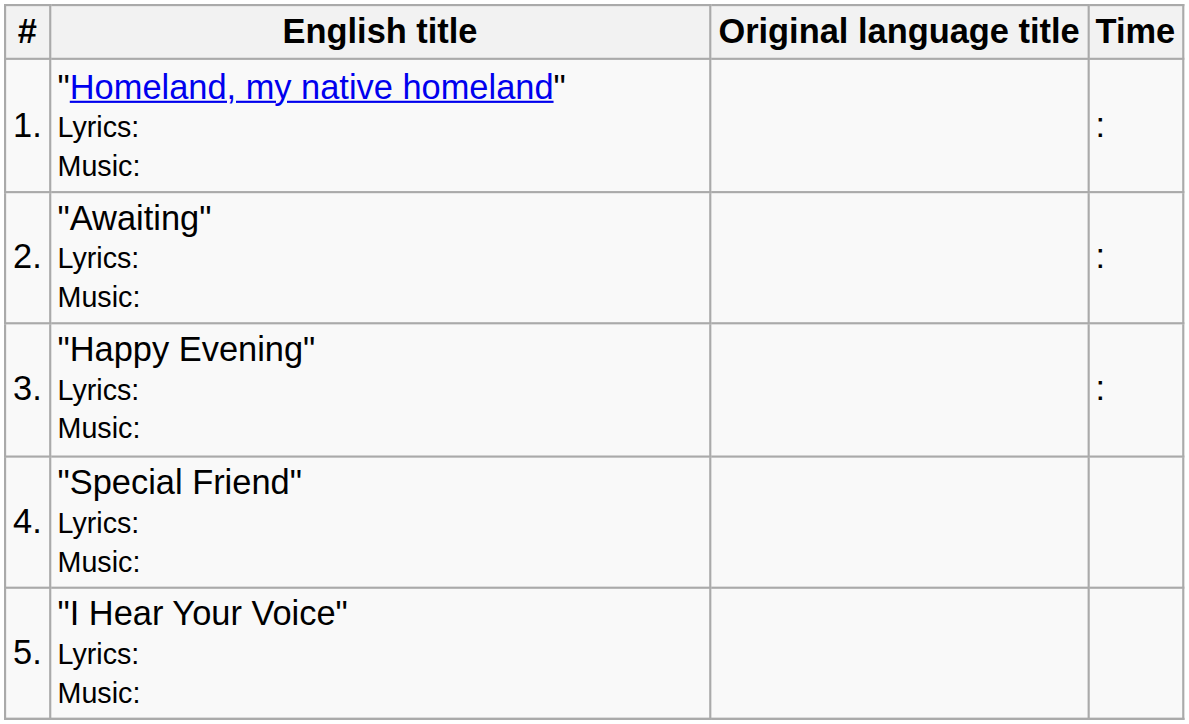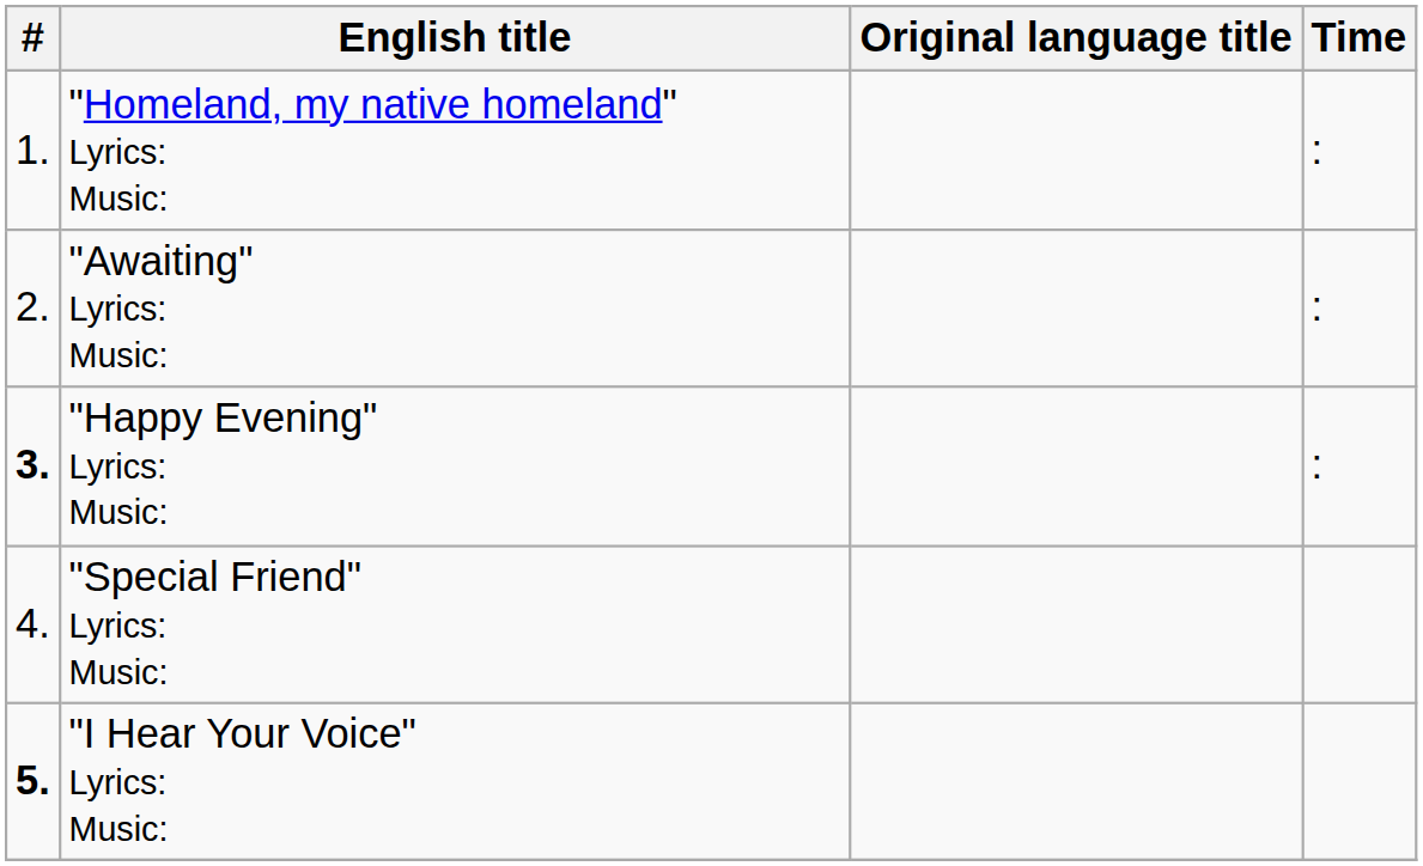 <table class="wikitable">
 <tr>
 <th>#</th>
 <th width="300">English title</th>
 <th>Original language title</th>
 <th>Time</th>
 </tr>
 <tr>
 <td>1.</td>
 <td>"<a href='#'>Homeland, my native homeland</a>"<br><small>Lyrics:</small> <br><small>Music:</small></td>
 <td></td>
 <td>:</td>
 </tr>
 <tr>
 <td>2.</td>
 <td>"Awaiting"<br><small>Lyrics:</small> <br><small>Music:</small></td>
 <td></td>
 <td>:</td>
 </tr>
 <tr>
-<td>3.</td>
+<td><strong>3.</strong></td>
 <td>"Happy Evening"<br><small>Lyrics:</small> <br><small>Music:</small></td>
 <td></td>
 <td>:</td>
 </tr>
 <tr>
 <td>4.</td>
 <td>"Special Friend"<br><small>Lyrics:</small> <br><small>Music:</small></td>
 <td></td>
 <td></td>
 </tr>
 <tr>
-<td>5.</td>
+<td><strong>5.</strong></td>
 <td>"I Hear Your Voice"<br><small>Lyrics:</small> <br><small>Music:</small></td>
 <td></td>
 <td></td>
 </tr>
 <tr>
 </tr>
 </table>
